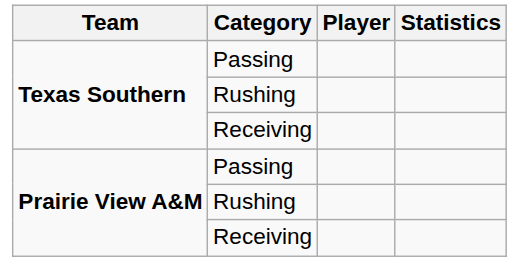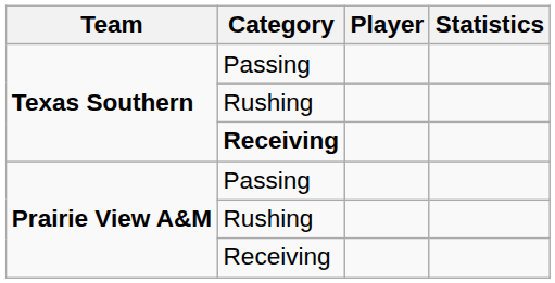 <table class="wikitable" style="float: right;">
 <tr>
 <th>Team</th>
 <th>Category</th>
 <th>Player</th>
 <th>Statistics</th>
 </tr>
 <tr>
 <td rowspan=3><strong>Texas Southern</strong></td>
 <td>Passing</td>
 <td></td>
 <td></td>
 </tr>
 <tr>
 <td>Rushing</td>
 <td></td>
 <td></td>
 </tr>
 <tr>
-<td>Receiving</td>
+<td><strong>Receiving</strong></td>
 <td></td>
 <td></td>
 </tr>
 <tr>
 <td rowspan=3><strong>Prairie View A&M</strong></td>
 <td>Passing</td>
 <td></td>
 <td></td>
 </tr>
 <tr>
 <td>Rushing</td>
 <td></td>
 <td></td>
 </tr>
 <tr>
 <td>Receiving</td>
 <td></td>
 <td></td>
 </tr>
 </table>
